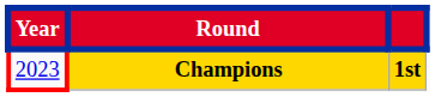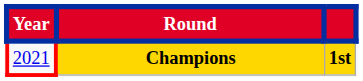 <table class="wikitable" style="text-align: center; font-size:90%">
 <tr style="color:white;">
 <th style="background:#e00025; border: 4px solid #032ea1;">Year</th>
 <th style="background:#e00025; border: 4px solid #032ea1; width:200px">Round</th>
 <th style="background:#e00025; border: 4px solid #032ea1;"></th>
 </tr>
 <tr>
-<td style="border: 3px solid red"><a href='#'>2023</a></td>
+<td style="border: 3px solid red"><a href='#'>2021</a></td>
 <td bgcolor=Gold><strong>Champions</strong></td>
 <td bgcolor=Gold><strong>1st</strong></td>
 </tr>
 </table>
